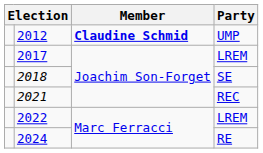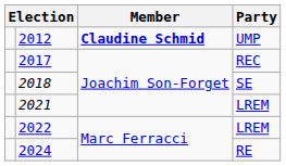 <table class="wikitable">
 <tr>
 <th colspan="2">Election</th>
 <th>Member</th>
 <th>Party</th>
 </tr>
 <tr>
 <td style="color:inherit;background-color: "></td>
 <td><a href='#'>2012</a></td>
 <td><strong><a href='#'>Claudine Schmid</a></strong></td>
 <td><a href='#'>UMP</a></td>
 </tr>
 <tr>
 <td style="color:inherit;background-color: "></td>
 <td><a href='#'>2017</a></td>
 <td rowspan="3"><a href='#'>Joachim Son-Forget</a></td>
-<td><a href='#'>LREM</a></td>
+<td><a href='#'>REC</a></td>
 </tr>
 <tr>
 <td style="color:inherit;background-color:"></td>
 <td><em>2018</em></td>
 <td><a href='#'>SE</a></td>
 </tr>
 <tr>
 <td style="color:inherit;background-color:"></td>
 <td><em>2021</em></td>
-<td><a href='#'>REC</a></td>
+<td><a href='#'>LREM</a></td>
 </tr>
 <tr>
 <td style="color:inherit;background-color: "></td>
 <td><a href='#'>2022</a></td>
 <td rowspan="2"><a href='#'>Marc Ferracci</a></td>
 <td><a href='#'>LREM</a></td>
 </tr>
 <tr>
 <td style="color:inherit;background-color: "></td>
 <td><a href='#'>2024</a></td>
 <td><a href='#'>RE</a></td>
 </tr>
 </table>
